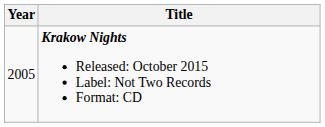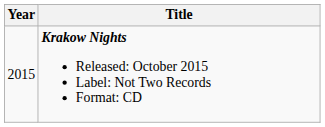 <table class="wikitable">
 <tr>
 <th>Year</th>
 <th style="width:225px;">Title</th>
 </tr>
 <tr>
-<td>2005</td>
+<td>2015</td>
 <td style="width:20em"><strong><em>Krakow Nights</em></strong><br><ul><li>Released: October 2015</li><li>Label: Not Two Records </li><li>Format: CD</li></ul></td>
 </tr>
 </table>
